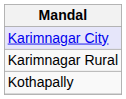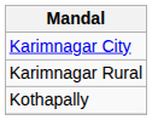 <table class="wikitable sortable static-row-numbers static-row-header-hash">
 <tr>
 <th>Mandal</th>
 </tr>
 <tr>
-<td style="background: lavender;"><a href='#'>Karimnagar City</a></td>
+<td><a href='#'>Karimnagar City</a></td>
 </tr>
 <tr>
 <td>Karimnagar Rural</td>
 </tr>
 <tr>
 <td>Kothapally</td>
 </tr>
 <tr>
 </tr>
 </table>
